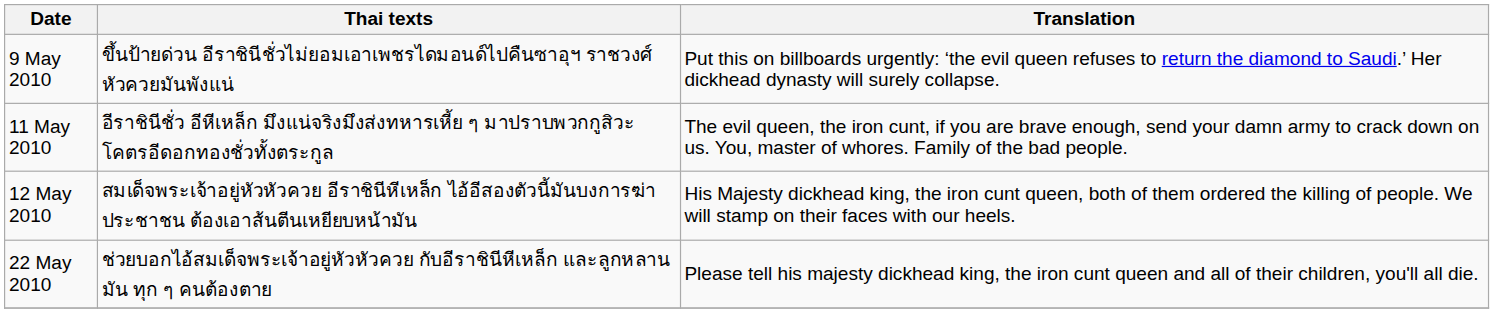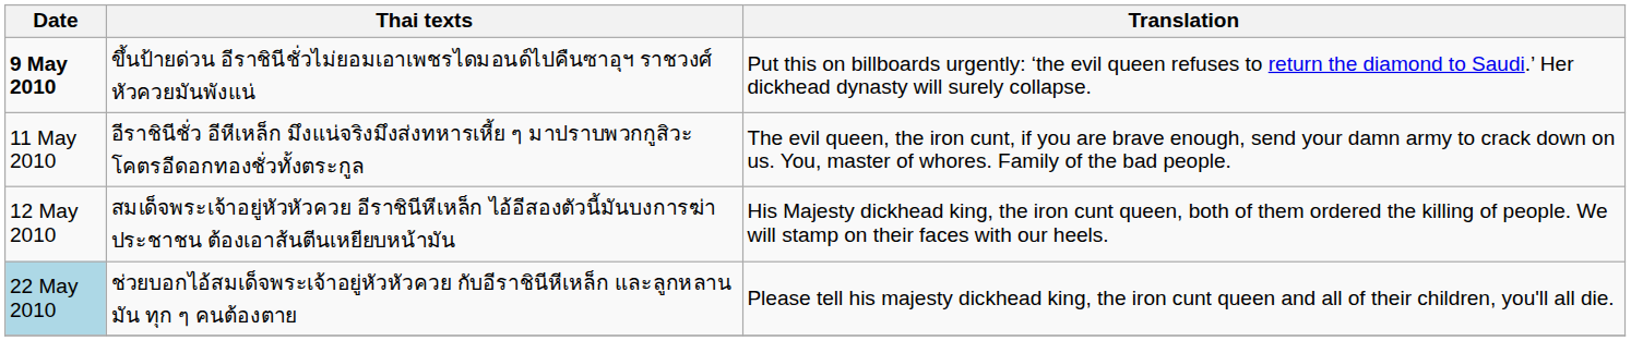 <table class="wikitable">
 <tr>
 <th>Date</th>
 <th>Thai texts</th>
 <th>Translation</th>
 </tr>
 <tr>
-<td>9 May 2010</td>
+<td><strong>9 May 2010</strong></td>
 <td>ขึ้นป้ายด่วน อีราชินีชั่วไม่ยอมเอาเพชรไดมอนด์ไปคืนซาอุฯ ราชวงศ์หัวควยมันพังแน่</td>
 <td>Put this on billboards urgently: ‘the evil queen refuses to <a href='#'>return the diamond to Saudi</a>.’ Her dickhead dynasty will surely collapse.</td>
 </tr>
 <tr>
 <td>11 May 2010</td>
 <td>อีราชินีชั่ว อีหีเหล็ก มึงแน่จริงมึงส่งทหารเหี้ย ๆ มาปราบพวกกูสิวะ โคตรอีดอกทองชั่วทั้งตระกูล</td>
 <td>The evil queen, the iron cunt, if you are brave enough, send your damn army to crack down on us. You, master of whores. Family of the bad people.</td>
 </tr>
 <tr>
 <td>12 May 2010</td>
 <td>สมเด็จพระเจ้าอยู่หัวหัวควย อีราชินีหีเหล็ก ไอ้อีสองตัวนี้มันบงการฆ่าประชาชน ต้องเอาส้นตีนเหยียบหน้ามัน</td>
 <td>His Majesty dickhead king, the iron cunt queen, both of them ordered the killing of people. We will stamp on their faces with our heels.</td>
 </tr>
 <tr>
-<td>22 May 2010</td>
+<td style="background: lightblue;">22 May 2010</td>
 <td>ช่วยบอกไอ้สมเด็จพระเจ้าอยู่หัวหัวควย กับอีราชินีหีเหล็ก และลูกหลานมัน ทุก ๆ คนต้องตาย</td>
 <td>Please tell his majesty dickhead king, the iron cunt queen and all of their children, you'll all die.</td>
 </tr>
 <tr>
 </tr>
 </table>
